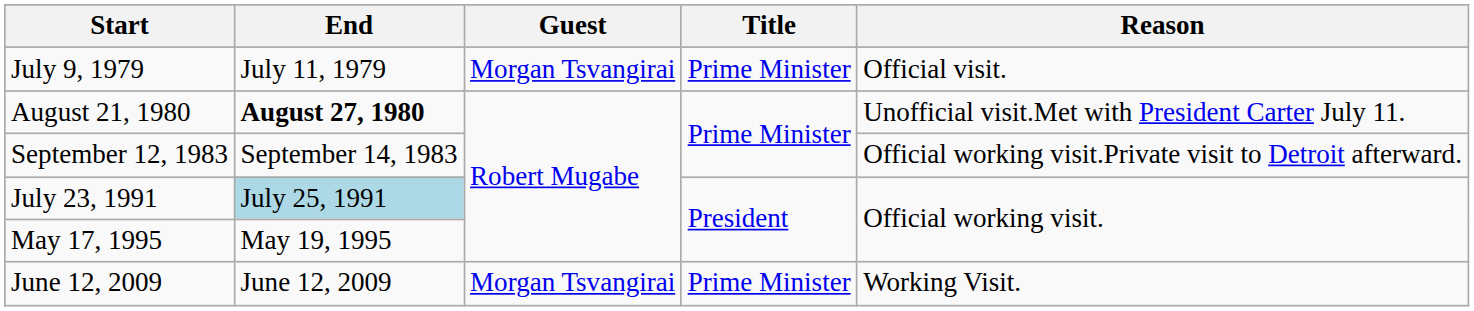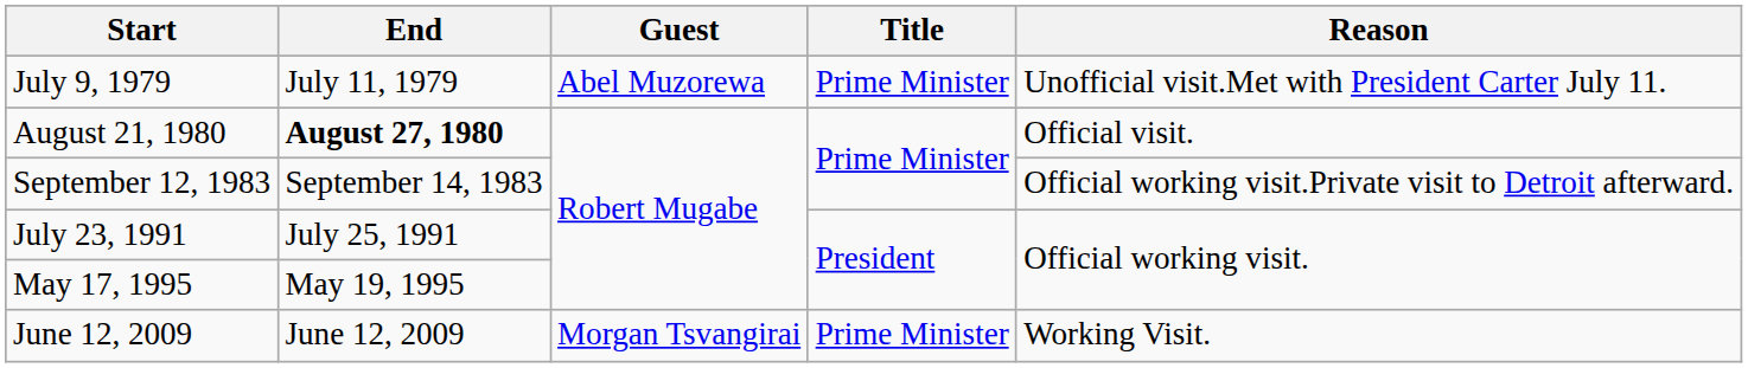 <table class="wikitable sortable">
 <tr>
 <th>Start</th>
 <th>End</th>
 <th>Guest</th>
 <th>Title</th>
 <th>Reason</th>
 </tr>
 <tr>
 <td>July 9, 1979</td>
 <td>July 11, 1979</td>
-<td><a href='#'>Morgan Tsvangirai</a></td>
+<td><a href='#'>Abel Muzorewa</a></td>
 <td><a href='#'>Prime Minister</a></td>
-<td>Official visit.</td>
+<td>Unofficial visit.Met with <a href='#'>President Carter</a> July 11.</td>
 </tr>
 <tr>
 <td>August 21, 1980</td>
 <td><strong>August 27, 1980</strong></td>
 <td rowspan=4><a href='#'>Robert Mugabe</a></td>
 <td rowspan=2><a href='#'>Prime Minister</a></td>
-<td>Unofficial visit.Met with <a href='#'>President Carter</a> July 11.</td>
+<td>Official visit.</td>
 </tr>
 <tr>
 <td>September 12, 1983</td>
 <td>September 14, 1983</td>
 <td>Official working visit.Private visit to <a href='#'>Detroit</a> afterward.</td>
 </tr>
 <tr>
 <td>July 23, 1991</td>
-<td style="background: lightblue;">July 25, 1991</td>
+<td>July 25, 1991</td>
 <td rowspan=2><a href='#'>President</a></td>
 <td rowspan=2>Official working visit.</td>
 </tr>
 <tr>
 <td>May 17, 1995</td>
 <td>May 19, 1995</td>
 </tr>
 <tr>
 <td>June 12, 2009</td>
 <td>June 12, 2009</td>
 <td><a href='#'>Morgan Tsvangirai</a></td>
 <td><a href='#'>Prime Minister</a></td>
 <td>Working Visit.</td>
 </tr>
 </table>
